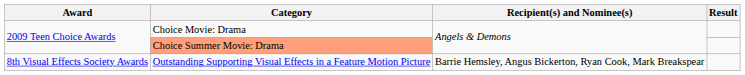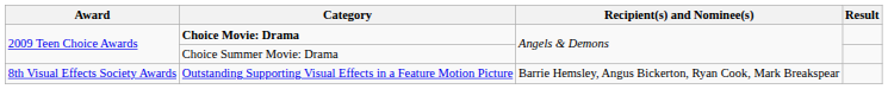 <table class="wikitable plainrowheaders sortable">
 <tr>
 <th>Award</th>
 <th>Category</th>
 <th>Recipient(s) and Nominee(s)</th>
 <th>Result</th>
 </tr>
 <tr>
 <td rowspan="2"><a href='#'>2009 Teen Choice Awards</a></td>
-<td>Choice Movie: Drama</td>
+<td><strong>Choice Movie: Drama</strong></td>
 <td rowspan="2"><em>Angels & Demons</em></td>
 <td></td>
 </tr>
 <tr>
-<td style="background: lightsalmon;">Choice Summer Movie: Drama</td>
+<td>Choice Summer Movie: Drama</td>
 <td></td>
 </tr>
 <tr>
 <td><a href='#'>8th Visual Effects Society Awards</a></td>
 <td><a href='#'>Outstanding Supporting Visual Effects in a Feature Motion Picture</a></td>
 <td>Barrie Hemsley, Angus Bickerton, Ryan Cook, Mark Breakspear</td>
 <td></td>
 </tr>
 </table>
